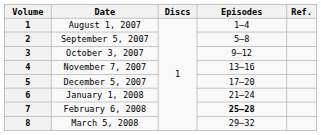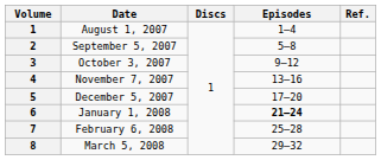 <table class="wikitable" style="text-align:center;">
 <tr>
 <th scope="col" style="width:5em;">Volume</th>
 <th scope="col" style="width:12em;">Date</th>
 <th scope="col" style="width:4em;">Discs</th>
 <th scope="col" style="width:10em;">Episodes</th>
 <th scope="col" style="width:3em;">Ref.</th>
 </tr>
 <tr>
 <th scope="row">1</th>
 <td>August 1, 2007</td>
 <td rowspan="8">1</td>
 <td>1–4</td>
 <td></td>
 </tr>
 <tr>
 <th scope="row">2</th>
 <td>September 5, 2007</td>
 <td>5–8</td>
 <td></td>
 </tr>
 <tr>
 <th scope="row">3</th>
 <td>October 3, 2007</td>
 <td>9–12</td>
 <td></td>
 </tr>
 <tr>
 <th scope="row">4</th>
 <td>November 7, 2007</td>
 <td>13–16</td>
 <td></td>
 </tr>
 <tr>
 <th scope="row">5</th>
 <td>December 5, 2007</td>
 <td>17–20</td>
 <td></td>
 </tr>
 <tr>
 <th scope="row">6</th>
 <td>January 1, 2008</td>
-<td>21–24</td>
+<td><strong>21–24</strong></td>
 <td></td>
 </tr>
 <tr>
 <th scope="row">7</th>
 <td>February 6, 2008</td>
-<td><strong>25–28</strong></td>
+<td>25–28</td>
 <td></td>
 </tr>
 <tr>
 <th scope="row">8</th>
 <td>March 5, 2008</td>
 <td>29–32</td>
 <td></td>
 </tr>
 </table>
